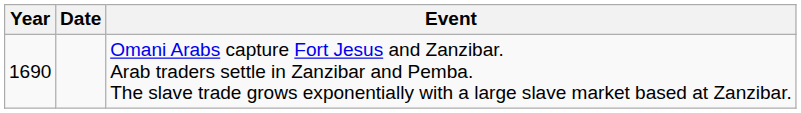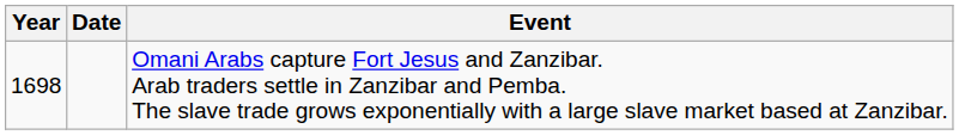 <table class="wikitable">
 <tr>
 <th>Year</th>
 <th>Date</th>
 <th>Event</th>
 </tr>
 <tr>
-<td>1690</td>
+<td>1698</td>
 <td></td>
 <td><a href='#'>Omani Arabs</a> capture <a href='#'>Fort Jesus</a> and Zanzibar.<br>Arab traders settle in Zanzibar and Pemba.<br>The slave trade grows exponentially with a large slave market based at Zanzibar.</td>
 </tr>
 </table>
